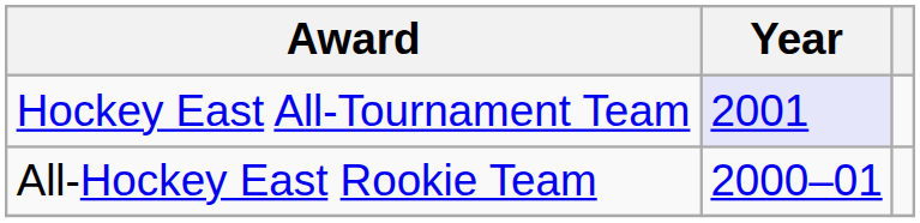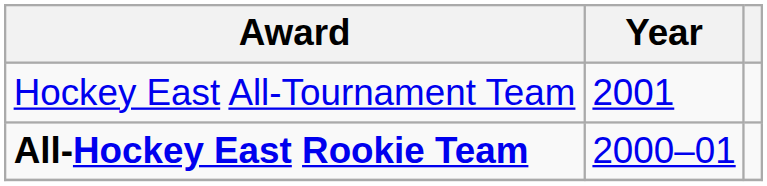 <table class="wikitable">
 <tr>
 <th>Award</th>
 <th>Year</th>
 <th></th>
 </tr>
 <tr>
 <td><a href='#'>Hockey East</a> <a href='#'>All-Tournament Team</a></td>
-<td style="background: lavender;"><a href='#'>2001</a></td>
+<td><a href='#'>2001</a></td>
 <td></td>
 </tr>
 <tr>
-<td>All-<a href='#'>Hockey East</a> <a href='#'>Rookie Team</a></td>
+<td><strong>All-<a href='#'>Hockey East</a> <a href='#'>Rookie Team</a></strong></td>
 <td><a href='#'>2000–01</a></td>
 <td></td>
 </tr>
 <tr>
 </tr>
 </table>
